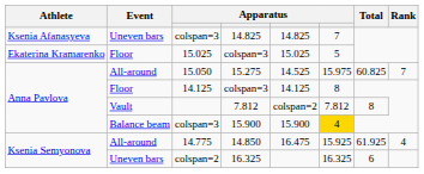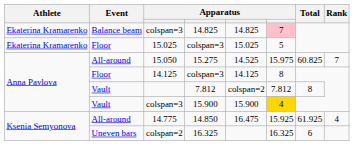 <table class="wikitable" style="font-size:90%">
 <tr>
 <th rowspan=2>Athlete</th>
 <th rowspan=2>Event</th>
 <th colspan =4>Apparatus</th>
 <th rowspan=2>Total</th>
 <th rowspan=2>Rank</th>
 </tr>
 <tr style="font-size:95%">
 <th></th>
 <th></th>
 <th></th>
 <th></th>
 </tr>
 <tr align=center>
-<td align=left><a href='#'>Ksenia Afanasyeva</a></td>
-<td align=left><a href='#'>Uneven bars</a></td>
+<td align=left><a href='#'>Ekaterina Kramarenko</a></td>
+<td align=left><a href='#'>Balance beam</a></td>
 <td>colspan=3 </td>
 <td>14.825</td>
 <td>14.825</td>
-<td>7</td>
+<td style="background: pink;">7</td>
 </tr>
 <tr align=center>
 <td align=left><a href='#'>Ekaterina Kramarenko</a></td>
 <td align=left><a href='#'>Floor</a></td>
 <td>15.025</td>
 <td>colspan=3 </td>
 <td>15.025</td>
 <td>5</td>
 </tr>
 <tr align=center>
 <td align=left rowspan=4><a href='#'>Anna Pavlova</a></td>
 <td align=left><a href='#'>All-around</a></td>
 <td>15.050</td>
 <td>15.275</td>
 <td>14.525</td>
 <td>15.975</td>
 <td>60.825</td>
 <td>7</td>
 </tr>
 <tr align=center>
 <td align=left><a href='#'>Floor</a></td>
 <td>14.125</td>
 <td>colspan=3 </td>
 <td>14.125</td>
 <td>8</td>
 </tr>
 <tr align=center>
 <td align=left><a href='#'>Vault</a></td>
 <td></td>
 <td>7.812</td>
 <td>colspan=2 </td>
 <td>7.812</td>
 <td>8</td>
 </tr>
 <tr align=center>
-<td align=left><a href='#'>Balance beam</a></td>
+<td align=left><a href='#'>Vault</a></td>
 <td>colspan=3 </td>
 <td>15.900</td>
 <td>15.900</td>
 <td style="background: gold;">4</td>
 </tr>
 <tr align=center>
 <td align=left rowspan=2><a href='#'>Ksenia Semyonova</a></td>
 <td align=left><a href='#'>All-around</a></td>
 <td>14.775</td>
 <td>14.850</td>
 <td>16.475</td>
 <td>15.925</td>
 <td>61.925</td>
 <td>4</td>
 </tr>
 <tr align=center>
 <td align=left><a href='#'>Uneven bars</a></td>
 <td>colspan=2 </td>
 <td>16.325</td>
 <td></td>
 <td>16.325</td>
 <td>6</td>
 </tr>
 </table>
